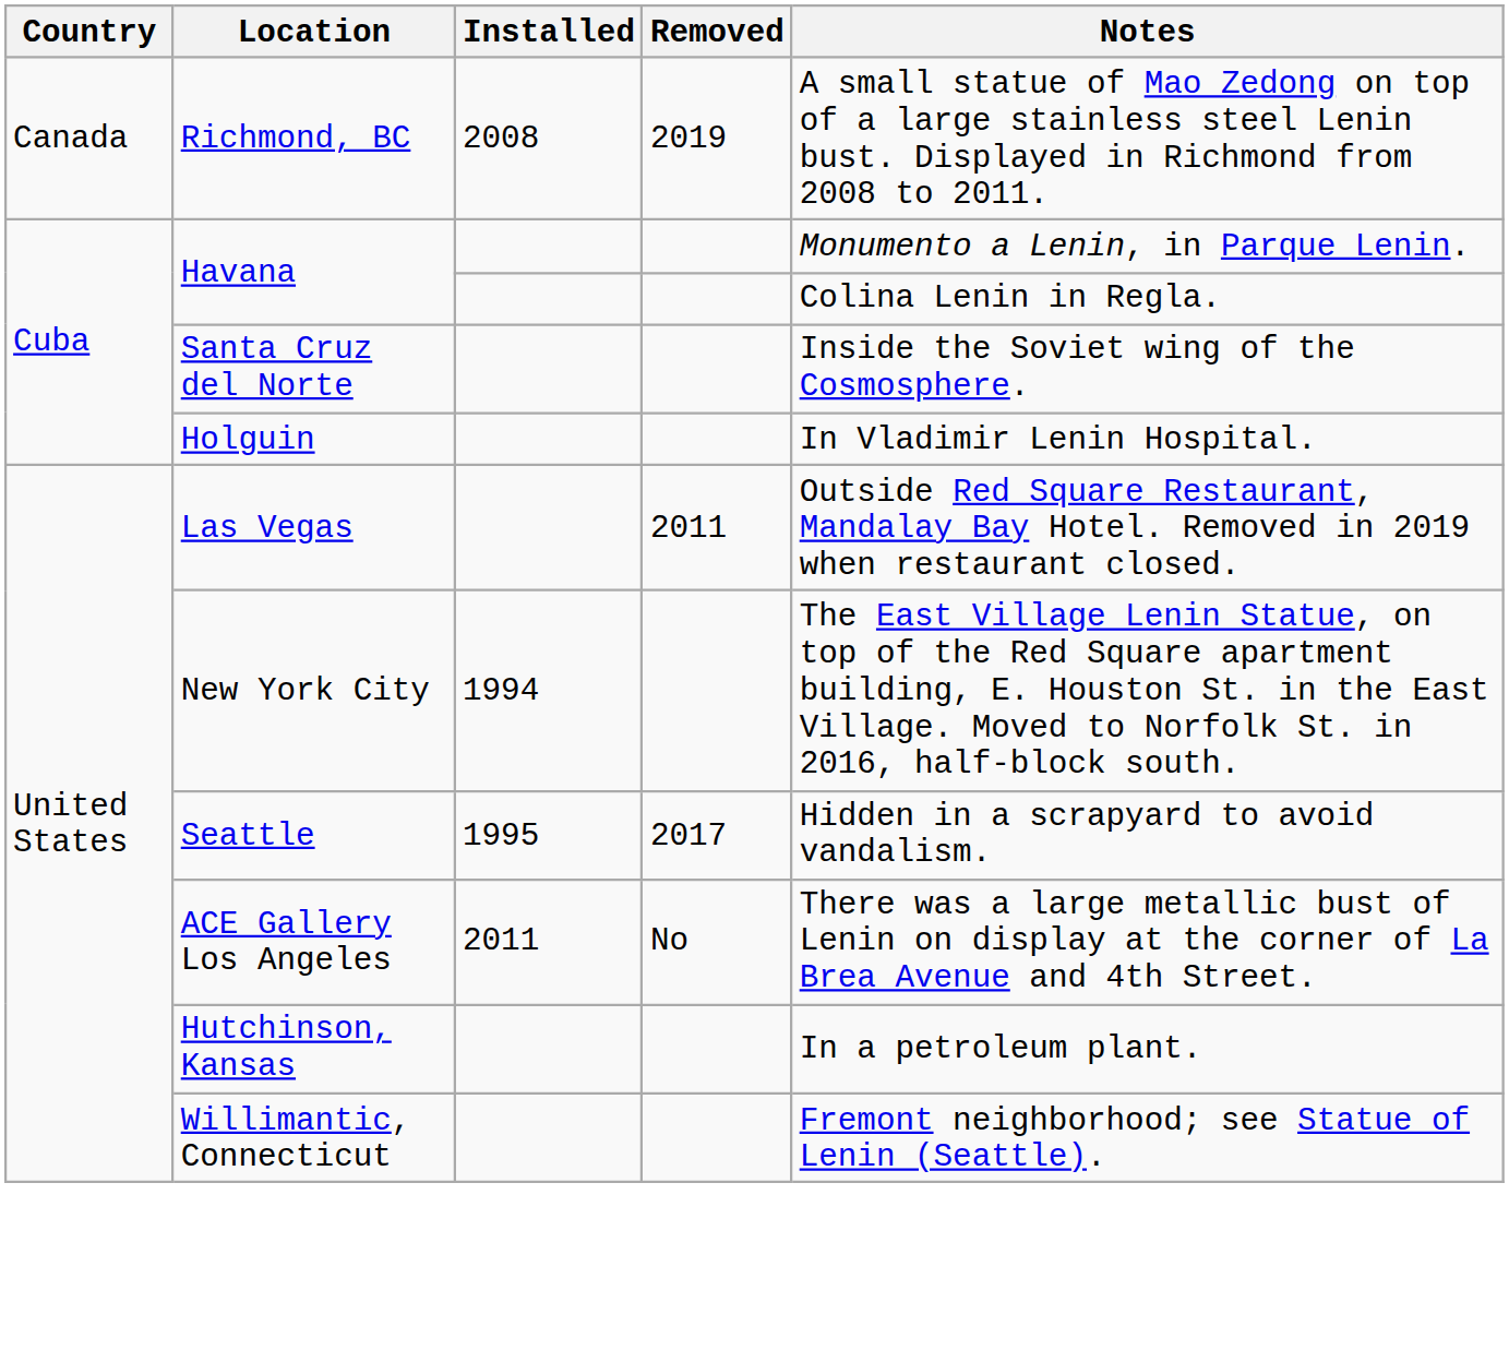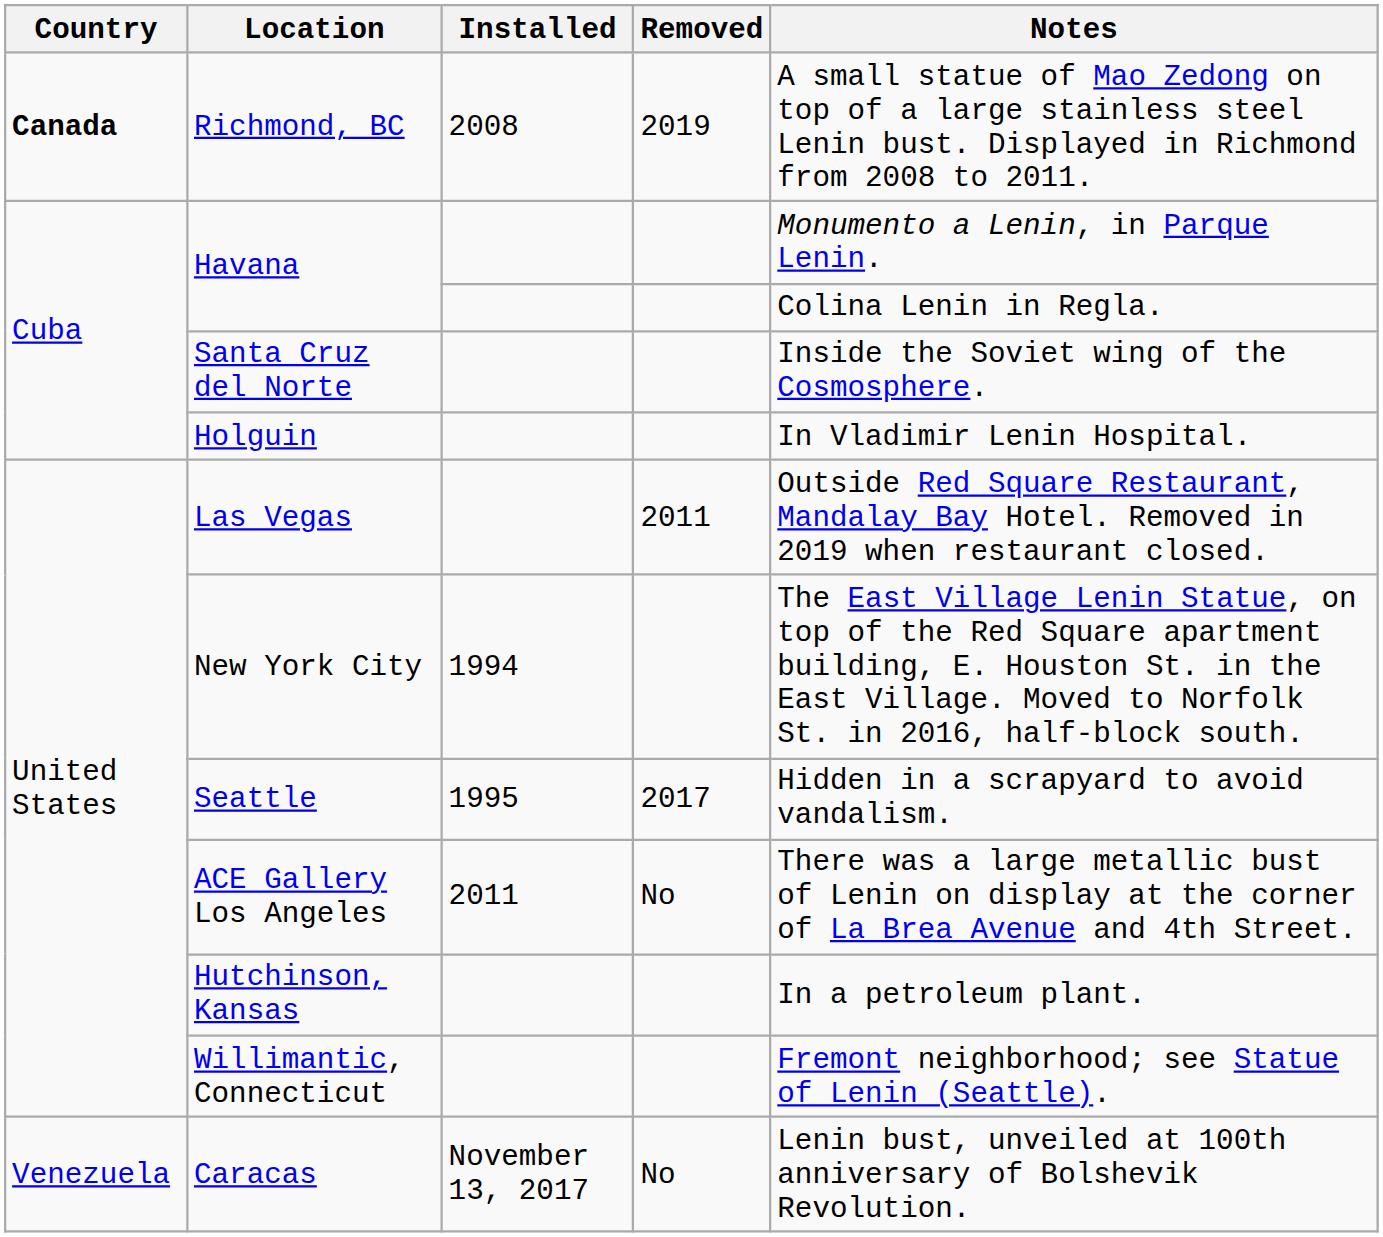 <table class="wikitable sortable">
 <tr>
 <th>Country</th>
 <th class="unsortable">Location</th>
 <th>Installed</th>
 <th>Removed</th>
 <th class="unsortable">Notes</th>
 </tr>
 <tr id="Canada">
-<td>Canada</td>
+<td><strong>Canada</strong></td>
 <td><a href='#'>Richmond, BC</a></td>
 <td>2008</td>
 <td>2019</td>
 <td>A small statue of <a href='#'>Mao Zedong</a> on top of a large stainless steel Lenin bust. Displayed in Richmond from 2008 to 2011.</td>
 </tr>
 <tr id="Cuba">
 <td rowspan="4"><a href='#'>Cuba</a></td>
 <td rowspan="2"><a href='#'>Havana</a></td>
 <td></td>
 <td></td>
 <td><em>Monumento a Lenin</em>, in <a href='#'>Parque Lenin</a>.</td>
 </tr>
 <tr>
 <td></td>
 <td></td>
 <td>Colina Lenin in Regla.</td>
 </tr>
 <tr>
 <td><a href='#'>Santa Cruz del Norte</a></td>
 <td></td>
 <td></td>
 <td>Inside the Soviet wing of the <a href='#'>Cosmosphere</a>.</td>
 </tr>
 <tr>
 <td><a href='#'>Holguin</a></td>
 <td></td>
 <td></td>
 <td>In Vladimir Lenin Hospital.</td>
 </tr>
 <tr id="United States">
 <td rowspan="6">United States</td>
 <td><a href='#'>Las Vegas</a></td>
 <td></td>
 <td>2011</td>
 <td>Outside <a href='#'>Red Square Restaurant</a>, <a href='#'>Mandalay Bay</a> Hotel. Removed in 2019 when restaurant closed.</td>
 </tr>
 <tr>
 <td>New York City</td>
 <td>1994</td>
 <td></td>
 <td>The <a href='#'>East Village Lenin Statue</a>, on top of the Red Square apartment building, E. Houston St. in the East Village. Moved to Norfolk St. in 2016, half-block south.</td>
 </tr>
 <tr>
 <td><a href='#'>Seattle</a></td>
 <td>1995</td>
 <td>2017</td>
 <td>Hidden in a scrapyard to avoid vandalism.</td>
 </tr>
 <tr>
 <td><a href='#'>ACE Gallery</a> Los Angeles</td>
 <td>2011</td>
 <td>No</td>
 <td>There was a large metallic bust of Lenin on display at the corner of <a href='#'>La Brea Avenue</a> and 4th Street.</td>
 </tr>
 <tr>
 <td><a href='#'>Hutchinson, Kansas</a></td>
 <td></td>
 <td></td>
 <td>In a petroleum plant.</td>
 </tr>
 <tr>
 <td><a href='#'>Willimantic</a>, Connecticut</td>
 <td></td>
 <td></td>
 <td><a href='#'>Fremont</a> neighborhood; see <a href='#'>Statue of Lenin (Seattle)</a>.</td>
 </tr>
+<tr id="Venezuela">
+<td><a href='#'>Venezuela</a></td>
+<td><a href='#'>Caracas</a></td>
+<td data-sort-value="2017-11-13">November 13, 2017</td>
+<td>No</td>
+<td>Lenin bust, unveiled at 100th anniversary of Bolshevik Revolution.</td>
+</tr>
 </table>
